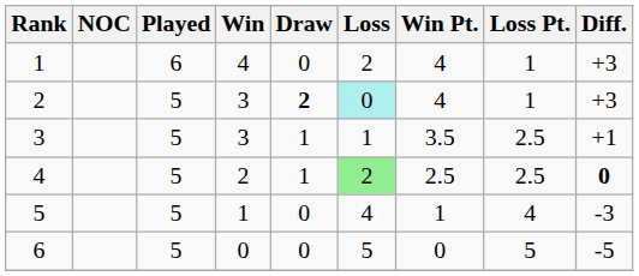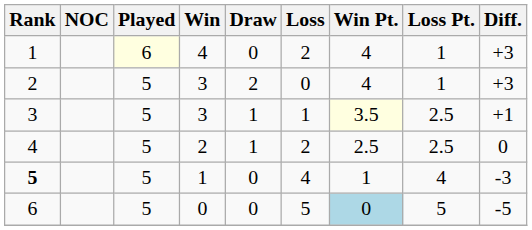 <table class="wikitable sortable" style="text-align:center;">
 <tr>
 <th>Rank</th>
 <th>NOC</th>
 <th>Played</th>
 <th>Win</th>
 <th>Draw</th>
 <th>Loss</th>
 <th>Win Pt.</th>
 <th>Loss Pt.</th>
 <th>Diff.</th>
 </tr>
 <tr>
 <td>1</td>
 <td align="left"></td>
-<td>6</td>
+<td style="background: lightyellow;">6</td>
 <td>4</td>
 <td>0</td>
 <td>2</td>
 <td>4</td>
 <td>1</td>
 <td>+3</td>
 </tr>
 <tr>
 <td>2</td>
 <td align="left"></td>
 <td>5</td>
 <td>3</td>
-<td><strong>2</strong></td>
-<td style="background: paleturquoise;">0</td>
+<td>2</td>
+<td>0</td>
 <td>4</td>
 <td>1</td>
 <td>+3</td>
 </tr>
 <tr>
 <td>3</td>
 <td align="left"></td>
 <td>5</td>
 <td>3</td>
 <td>1</td>
 <td>1</td>
-<td>3.5</td>
+<td style="background: lightyellow;">3.5</td>
 <td>2.5</td>
 <td>+1</td>
 </tr>
 <tr>
 <td>4</td>
 <td align="left"></td>
 <td>5</td>
 <td>2</td>
 <td>1</td>
-<td style="background: lightgreen;">2</td>
+<td>2</td>
 <td>2.5</td>
 <td>2.5</td>
-<td><strong>0</strong></td>
+<td>0</td>
 </tr>
 <tr>
-<td>5</td>
+<td><strong>5</strong></td>
 <td align="left"></td>
 <td>5</td>
 <td>1</td>
 <td>0</td>
 <td>4</td>
 <td>1</td>
 <td>4</td>
 <td>-3</td>
 </tr>
 <tr>
 <td>6</td>
 <td align="left"></td>
 <td>5</td>
 <td>0</td>
 <td>0</td>
 <td>5</td>
-<td>0</td>
+<td style="background: lightblue;">0</td>
 <td>5</td>
 <td>-5</td>
 </tr>
 <tr>
 </tr>
 </table>
